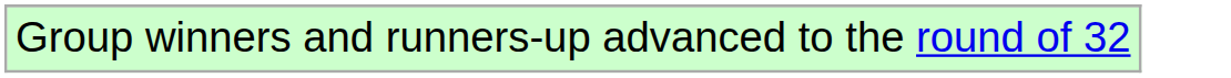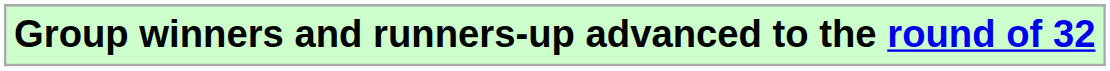 <table class="wikitable">
 <tr>
 </tr>
 <tr bgcolor=#ccffcc>
-<td>Group winners and runners-up advanced to the <a href='#'>round of 32</a></td>
+<td><strong>Group winners and runners-up advanced to the <a href='#'>round of 32</a></strong></td>
 </tr>
 </table>
